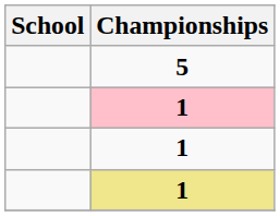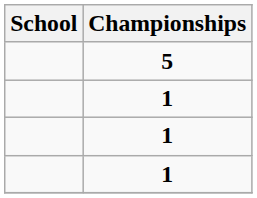 <table class="wikitable sortable" style="text-align:center">
 <tr>
 <th>School</th>
 <th>Championships</th>
 </tr>
 <tr>
 <td><strong><a href='#'></a></strong></td>
 <td><strong>5</strong></td>
 </tr>
 <tr>
 <td><strong><a href='#'></a></strong></td>
-<td style="background: pink;"><strong>1</strong></td>
+<td><strong>1</strong></td>
 </tr>
 <tr>
 <td><strong><a href='#'></a></strong></td>
 <td><strong>1</strong></td>
 </tr>
 <tr>
 <td><strong><a href='#'></a></strong></td>
-<td style="background: khaki;"><strong>1</strong></td>
+<td><strong>1</strong></td>
 </tr>
 <tr>
 </tr>
 </table>
